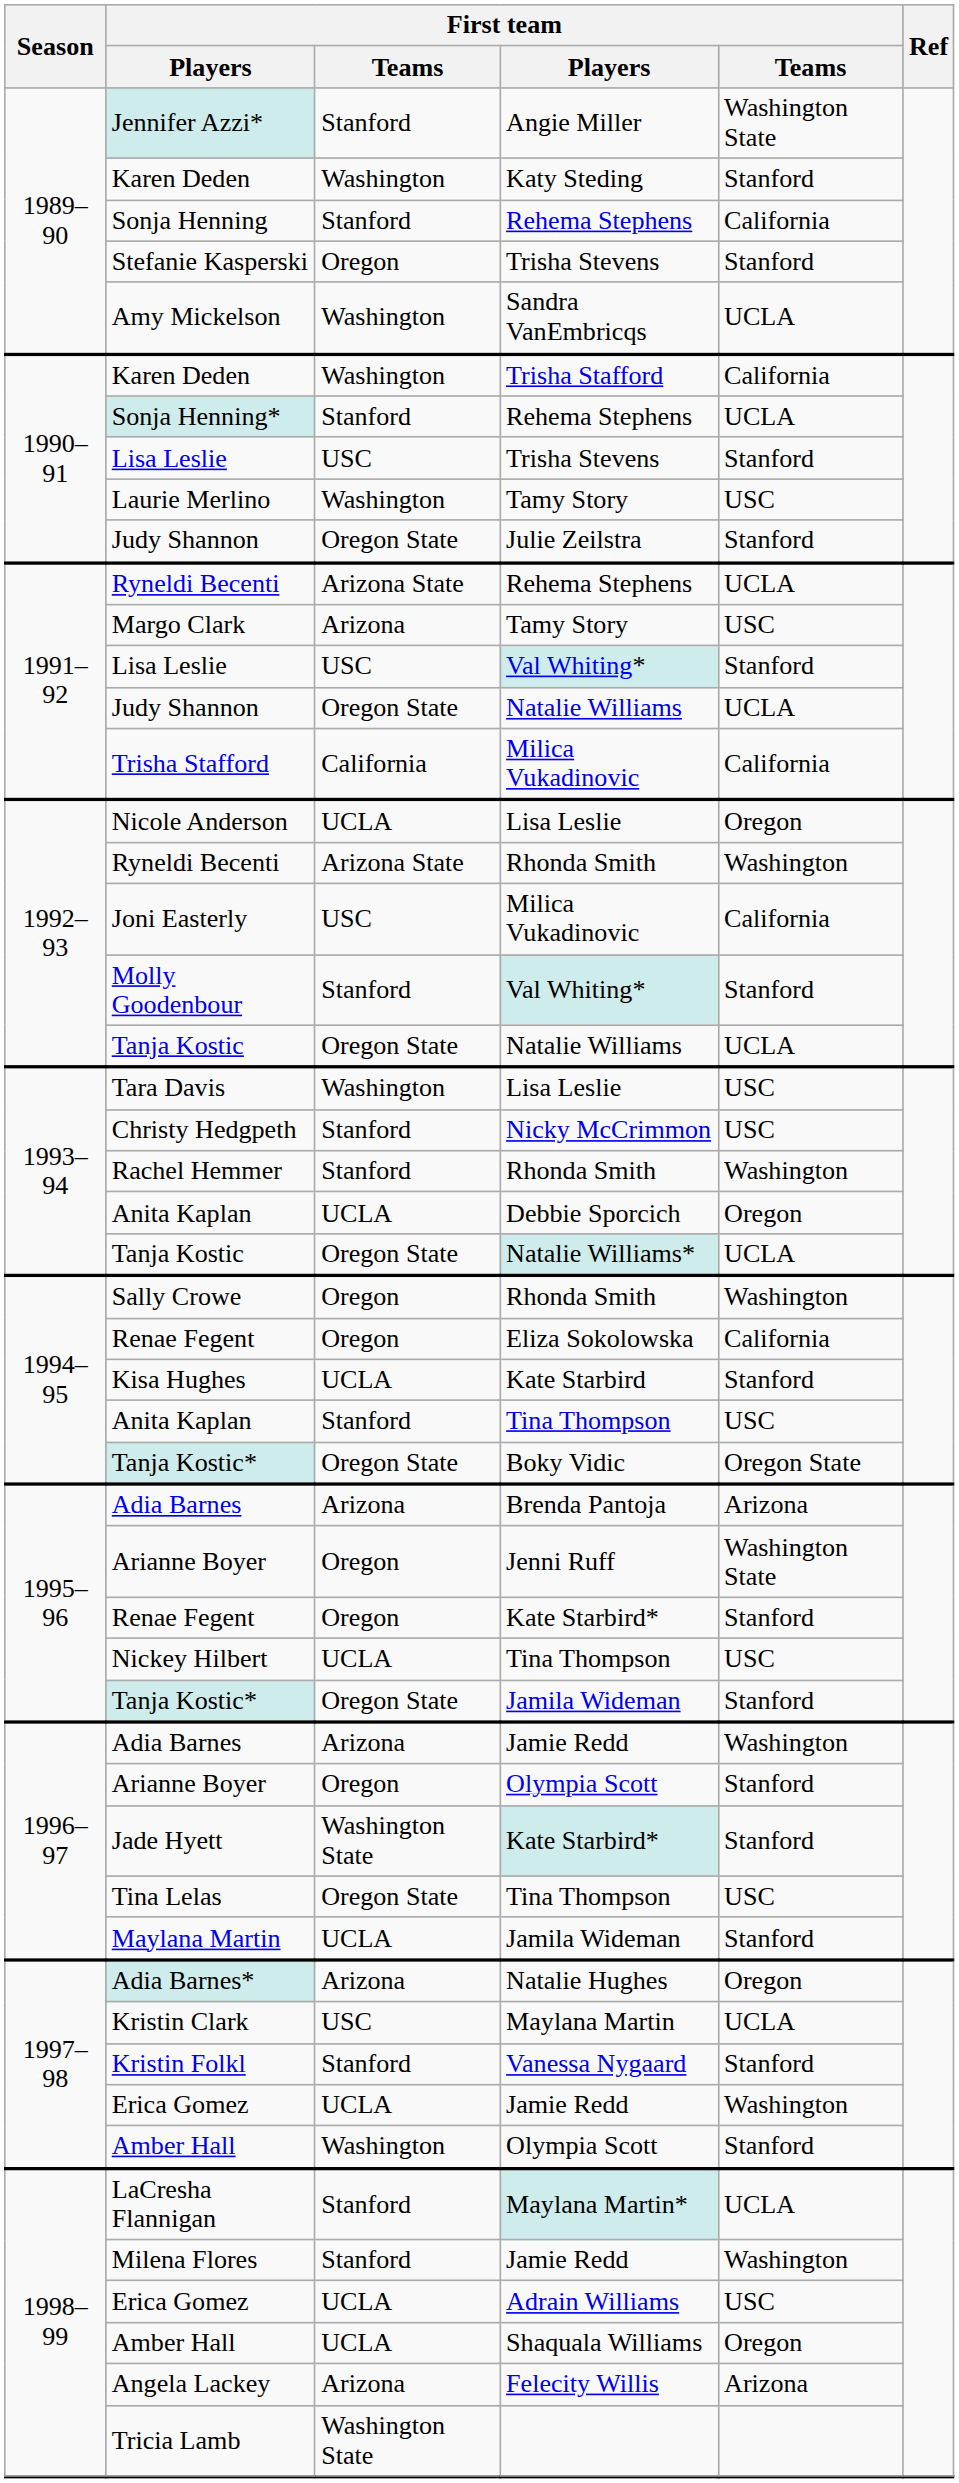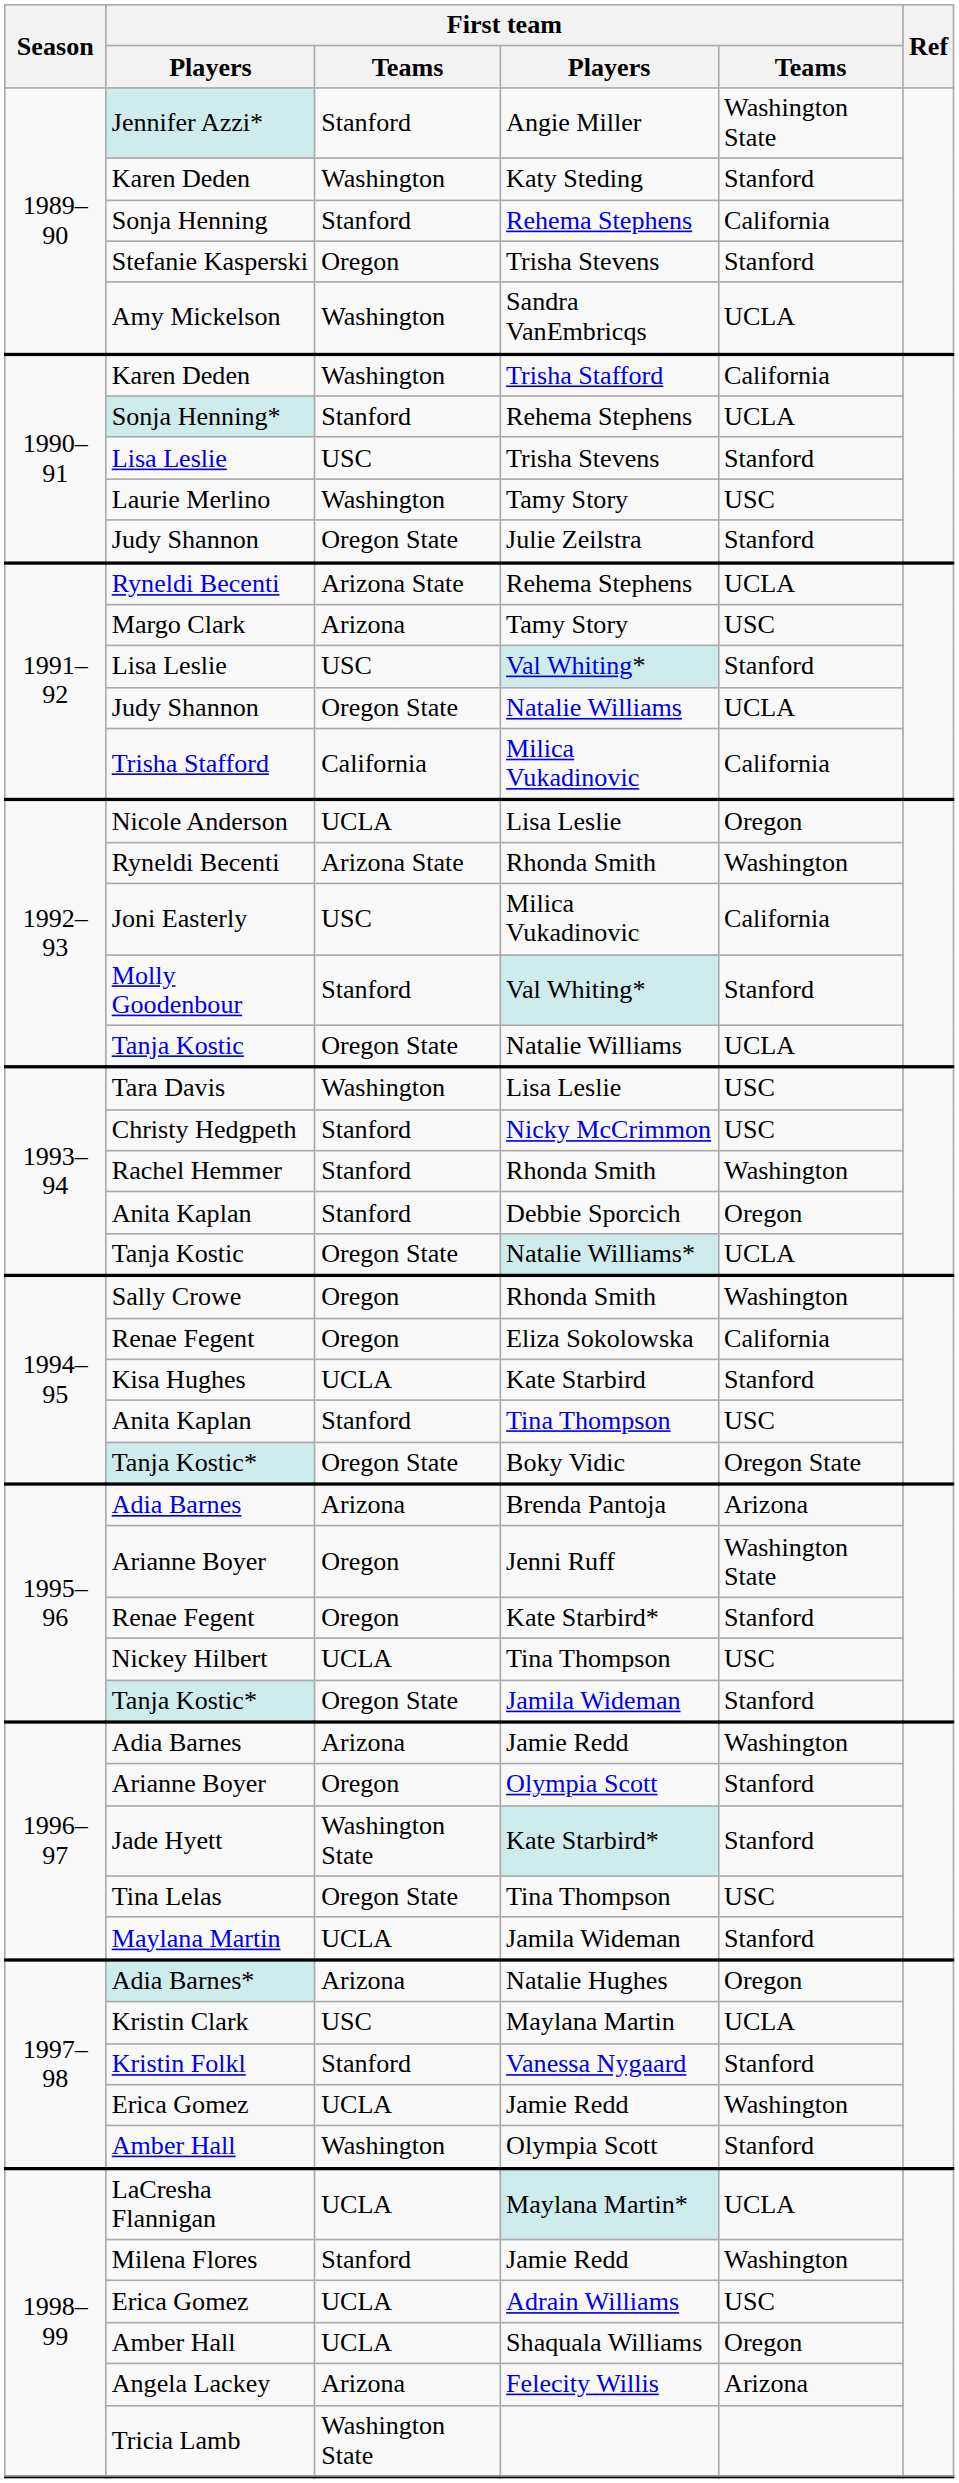 <table class="wikitable" style="width:66%">
 <tr>
 <th rowspan=2>Season</th>
 <th colspan=4>First team</th>
 <th rowspan=2>Ref</th>
 </tr>
 <tr>
 <th>Players</th>
 <th>Teams</th>
 <th>Players</th>
 <th>Teams</th>
 </tr>
 <tr>
 <td rowspan="5" style="text-align:center;">1989–90</td>
 <td style="background:#CFECEC;">Jennifer Azzi*</td>
 <td>Stanford</td>
 <td>Angie Miller</td>
 <td>Washington State</td>
 <td rowspan="5" style="text-align:center;"></td>
 </tr>
 <tr>
 <td>Karen Deden</td>
 <td>Washington</td>
 <td>Katy Steding</td>
 <td>Stanford</td>
 </tr>
 <tr>
 <td>Sonja Henning</td>
 <td>Stanford</td>
 <td><a href='#'>Rehema Stephens</a></td>
 <td>California</td>
 </tr>
 <tr>
 <td>Stefanie Kasperski</td>
 <td>Oregon</td>
 <td>Trisha Stevens</td>
 <td>Stanford</td>
 </tr>
 <tr>
 <td>Amy Mickelson</td>
 <td>Washington</td>
 <td>Sandra VanEmbricqs</td>
 <td>UCLA</td>
 </tr>
 <tr style="border-top:2px solid black">
 <td rowspan="5" style="text-align:center;">1990–91</td>
 <td>Karen Deden</td>
 <td>Washington</td>
 <td><a href='#'>Trisha Stafford</a></td>
 <td>California</td>
 <td rowspan="5" style="text-align:center;"></td>
 </tr>
 <tr>
 <td style="background:#CFECEC;">Sonja Henning*</td>
 <td>Stanford</td>
 <td>Rehema Stephens</td>
 <td>UCLA</td>
 </tr>
 <tr>
 <td><a href='#'>Lisa Leslie</a></td>
 <td>USC</td>
 <td>Trisha Stevens</td>
 <td>Stanford</td>
 </tr>
 <tr>
 <td>Laurie Merlino</td>
 <td>Washington</td>
 <td>Tamy Story</td>
 <td>USC</td>
 </tr>
 <tr>
 <td>Judy Shannon</td>
 <td>Oregon State</td>
 <td>Julie Zeilstra</td>
 <td>Stanford</td>
 </tr>
 <tr style="border-top:2px solid black">
 <td rowspan="5" style="text-align:center;">1991–92</td>
 <td><a href='#'>Ryneldi Becenti</a></td>
 <td>Arizona State</td>
 <td>Rehema Stephens</td>
 <td>UCLA</td>
 <td rowspan="5" style="text-align:center;"></td>
 </tr>
 <tr>
 <td>Margo Clark</td>
 <td>Arizona</td>
 <td>Tamy Story</td>
 <td>USC</td>
 </tr>
 <tr>
 <td>Lisa Leslie</td>
 <td>USC</td>
 <td style="background:#CFECEC;"><a href='#'>Val Whiting</a>*</td>
 <td>Stanford</td>
 </tr>
 <tr>
 <td>Judy Shannon</td>
 <td>Oregon State</td>
 <td><a href='#'>Natalie Williams</a></td>
 <td>UCLA</td>
 </tr>
 <tr>
 <td><a href='#'>Trisha Stafford</a></td>
 <td>California</td>
 <td><a href='#'>Milica Vukadinovic</a></td>
 <td>California</td>
 </tr>
 <tr style="border-top:2px solid black">
 <td rowspan="5" style="text-align:center;">1992–93</td>
 <td>Nicole Anderson</td>
 <td>UCLA</td>
 <td>Lisa Leslie</td>
 <td>Oregon</td>
 <td rowspan="5" style="text-align:center;"></td>
 </tr>
 <tr>
 <td>Ryneldi Becenti</td>
 <td>Arizona State</td>
 <td>Rhonda Smith</td>
 <td>Washington</td>
 </tr>
 <tr>
 <td>Joni Easterly</td>
 <td>USC</td>
 <td>Milica Vukadinovic</td>
 <td>California</td>
 </tr>
 <tr>
 <td><a href='#'>Molly Goodenbour</a></td>
 <td>Stanford</td>
 <td style="background:#CFECEC;">Val Whiting*</td>
 <td>Stanford</td>
 </tr>
 <tr>
 <td><a href='#'>Tanja Kostic</a></td>
 <td>Oregon State</td>
 <td>Natalie Williams</td>
 <td>UCLA</td>
 </tr>
 <tr style="border-top:2px solid black">
 <td rowspan="5" style="text-align:center;">1993–94</td>
 <td>Tara Davis</td>
 <td>Washington</td>
 <td>Lisa Leslie</td>
 <td>USC</td>
 <td rowspan="5" style="text-align:center;"></td>
 </tr>
 <tr>
 <td>Christy Hedgpeth</td>
 <td>Stanford</td>
 <td><a href='#'>Nicky McCrimmon</a></td>
 <td>USC</td>
 </tr>
 <tr>
 <td>Rachel Hemmer</td>
 <td>Stanford</td>
 <td>Rhonda Smith</td>
 <td>Washington</td>
 </tr>
 <tr>
 <td>Anita Kaplan</td>
-<td>UCLA</td>
+<td>Stanford</td>
 <td>Debbie Sporcich</td>
 <td>Oregon</td>
 </tr>
 <tr>
 <td>Tanja Kostic</td>
 <td>Oregon State</td>
 <td style="background:#CFECEC;">Natalie Williams*</td>
 <td>UCLA</td>
 </tr>
 <tr style="border-top:2px solid black">
 <td rowspan="5" style="text-align:center;">1994–95</td>
 <td>Sally Crowe</td>
 <td>Oregon</td>
 <td>Rhonda Smith</td>
 <td>Washington</td>
 <td rowspan="5" style="text-align:center;"></td>
 </tr>
 <tr>
 <td>Renae Fegent</td>
 <td>Oregon</td>
 <td>Eliza Sokolowska</td>
 <td>California</td>
 </tr>
 <tr>
 <td>Kisa Hughes</td>
 <td>UCLA</td>
 <td>Kate Starbird</td>
 <td>Stanford</td>
 </tr>
 <tr>
 <td>Anita Kaplan</td>
 <td>Stanford</td>
 <td><a href='#'>Tina Thompson</a></td>
 <td>USC</td>
 </tr>
 <tr>
 <td style="background:#CFECEC;">Tanja Kostic*</td>
 <td>Oregon State</td>
 <td>Boky Vidic</td>
 <td>Oregon State</td>
 </tr>
 <tr style="border-top:2px solid black">
 <td rowspan="5" style="text-align:center;">1995–96</td>
 <td><a href='#'>Adia Barnes</a></td>
 <td>Arizona</td>
 <td>Brenda Pantoja</td>
 <td>Arizona</td>
 <td rowspan="5" style="text-align:center;"></td>
 </tr>
 <tr>
 <td>Arianne Boyer</td>
 <td>Oregon</td>
 <td>Jenni Ruff</td>
 <td>Washington State</td>
 </tr>
 <tr>
 <td>Renae Fegent</td>
 <td>Oregon</td>
 <td>Kate Starbird*</td>
 <td>Stanford</td>
 </tr>
 <tr>
 <td>Nickey Hilbert</td>
 <td>UCLA</td>
 <td>Tina Thompson</td>
 <td>USC</td>
 </tr>
 <tr>
 <td style="background:#CFECEC;">Tanja Kostic*</td>
 <td>Oregon State</td>
 <td><a href='#'>Jamila Wideman</a></td>
 <td>Stanford</td>
 </tr>
 <tr style="border-top:2px solid black">
 <td rowspan="5" style="text-align:center;">1996–97</td>
 <td>Adia Barnes</td>
 <td>Arizona</td>
 <td>Jamie Redd</td>
 <td>Washington</td>
 <td rowspan="5" style="text-align:center;"></td>
 </tr>
 <tr>
 <td>Arianne Boyer</td>
 <td>Oregon</td>
 <td><a href='#'>Olympia Scott</a></td>
 <td>Stanford</td>
 </tr>
 <tr>
 <td>Jade Hyett</td>
 <td>Washington State</td>
 <td style="background:#CFECEC;">Kate Starbird*</td>
 <td>Stanford</td>
 </tr>
 <tr>
 <td>Tina Lelas</td>
 <td>Oregon State</td>
 <td>Tina Thompson</td>
 <td>USC</td>
 </tr>
 <tr>
 <td><a href='#'>Maylana Martin</a></td>
 <td>UCLA</td>
 <td>Jamila Wideman</td>
 <td>Stanford</td>
 </tr>
 <tr style="border-top:2px solid black">
 <td rowspan="5" style="text-align:center;">1997–98</td>
 <td style="background:#CFECEC;">Adia Barnes*</td>
 <td>Arizona</td>
 <td>Natalie Hughes</td>
 <td>Oregon</td>
 <td rowspan="5" style="text-align:center;"></td>
 </tr>
 <tr>
 <td>Kristin Clark</td>
 <td>USC</td>
 <td>Maylana Martin</td>
 <td>UCLA</td>
 </tr>
 <tr>
 <td><a href='#'>Kristin Folkl</a></td>
 <td>Stanford</td>
 <td><a href='#'>Vanessa Nygaard</a></td>
 <td>Stanford</td>
 </tr>
 <tr>
 <td>Erica Gomez</td>
 <td>UCLA</td>
 <td>Jamie Redd</td>
 <td>Washington</td>
 </tr>
 <tr>
 <td><a href='#'>Amber Hall</a></td>
 <td>Washington</td>
 <td>Olympia Scott</td>
 <td>Stanford</td>
 </tr>
 <tr style="border-top:2px solid black">
 <td rowspan="6" style="text-align:center;">1998–99</td>
 <td>LaCresha Flannigan</td>
-<td>Stanford</td>
+<td>UCLA</td>
 <td style="background:#CFECEC;">Maylana Martin*</td>
 <td>UCLA</td>
 <td rowspan="6" style="text-align:center;"></td>
 </tr>
 <tr>
 <td>Milena Flores</td>
 <td>Stanford</td>
 <td>Jamie Redd</td>
 <td>Washington</td>
 </tr>
 <tr>
 <td>Erica Gomez</td>
 <td>UCLA</td>
 <td><a href='#'>Adrain Williams</a></td>
 <td>USC</td>
 </tr>
 <tr>
 <td>Amber Hall</td>
 <td>UCLA</td>
 <td>Shaquala Williams</td>
 <td>Oregon</td>
 </tr>
 <tr>
 <td>Angela Lackey</td>
 <td>Arizona</td>
 <td><a href='#'>Felecity Willis</a></td>
 <td>Arizona</td>
 </tr>
 <tr>
 <td>Tricia Lamb</td>
 <td>Washington State</td>
 <td></td>
 <td></td>
 </tr>
 <tr style="border-top:2px solid black">
 </tr>
 </table>
